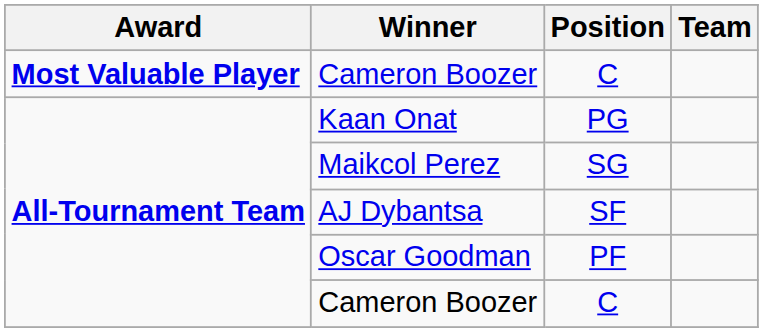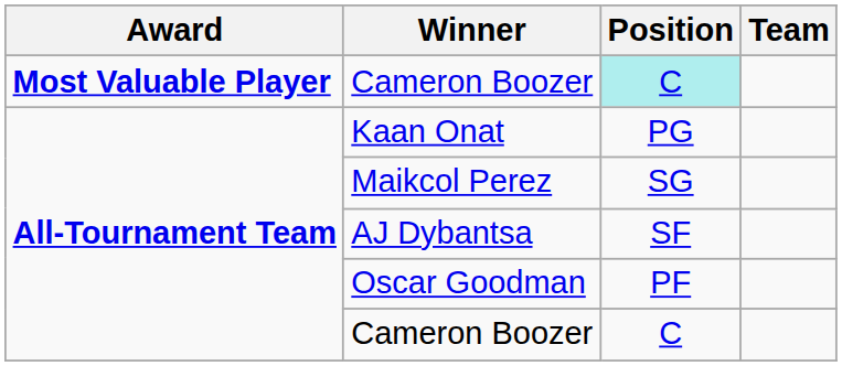 <table class="wikitable">
 <tr>
 <th>Award</th>
 <th>Winner</th>
 <th>Position</th>
 <th>Team</th>
 </tr>
 <tr>
 <td><strong><a href='#'>Most Valuable Player</a></strong></td>
 <td align=left><a href='#'>Cameron Boozer</a></td>
-<td align=center><a href='#'>C</a></td>
+<td align=center style="background: paleturquoise;"><a href='#'>C</a></td>
 <td align=left></td>
 </tr>
 <tr>
 <td rowspan=5><strong><a href='#'>All-Tournament Team</a></strong></td>
 <td align=left><a href='#'>Kaan Onat</a></td>
 <td align=center><a href='#'>PG</a></td>
 <td align=left></td>
 </tr>
 <tr>
 <td align=left><a href='#'>Maikcol Perez</a></td>
 <td align=center><a href='#'>SG</a></td>
 <td align=left></td>
 </tr>
 <tr>
 <td align=left><a href='#'>AJ Dybantsa</a></td>
 <td align=center><a href='#'>SF</a></td>
 <td align=left></td>
 </tr>
 <tr>
 <td align=left><a href='#'>Oscar Goodman</a></td>
 <td align=center><a href='#'>PF</a></td>
 <td align=left></td>
 </tr>
 <tr>
 <td align=left>Cameron Boozer</td>
 <td align=center><a href='#'>C</a></td>
 <td align=left></td>
 </tr>
 </table>
